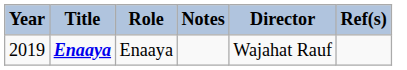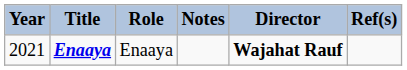 <table class="wikitable" style="font-size:90%">
 <tr style="text-align:center;">
 <th style="background:#B0C4DE;">Year</th>
 <th style="background:#B0C4DE;">Title</th>
 <th style="background:#B0C4DE;">Role</th>
 <th style="background:#B0C4DE;">Notes</th>
 <th style="background:#B0C4DE;">Director</th>
 <th style="background:#B0C4DE;">Ref(s)</th>
 </tr>
 <tr>
-<td>2019</td>
+<td>2021</td>
 <td><strong><em><a href='#'>Enaaya</a></em></strong></td>
 <td>Enaaya</td>
 <td></td>
-<td>Wajahat Rauf</td>
+<td><strong>Wajahat Rauf</strong></td>
 <td></td>
 </tr>
 </table>
